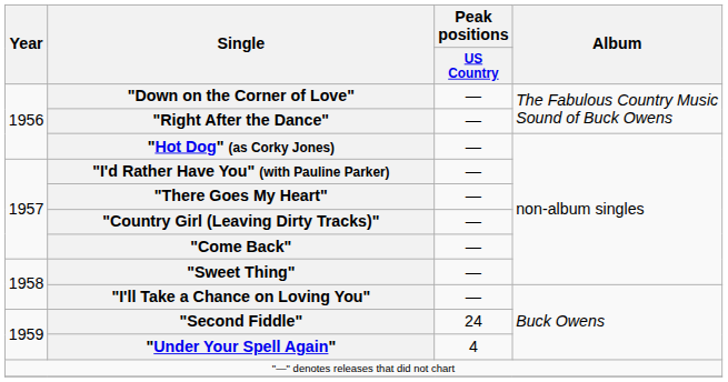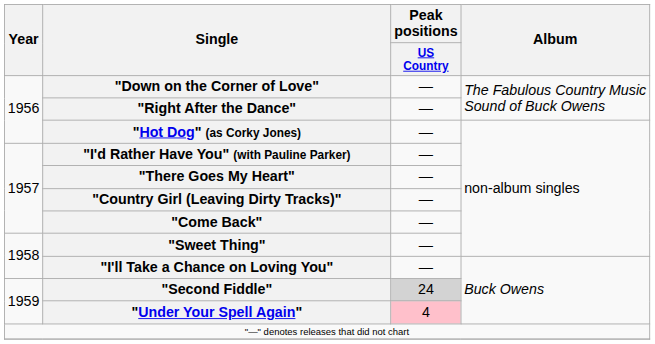 <table class="wikitable plainrowheaders" style="text-align:center;">
 <tr>
 <th rowspan="2">Year</th>
 <th rowspan="2" style="width:24em;">Single</th>
 <th>Peak positions</th>
 <th rowspan="2">Album</th>
 </tr>
 <tr style="font-size:smaller;">
 <th width="65"><a href='#'>US Country</a></th>
 </tr>
 <tr>
 <td rowspan="3">1956</td>
 <th scope="row">"Down on the Corner of Love"</th>
 <td>—</td>
 <td align="left" rowspan="2"><em>The Fabulous Country Music<br>Sound of Buck Owens</em></td>
 </tr>
 <tr>
 <th scope="row">"Right After the Dance"</th>
 <td>—</td>
 </tr>
 <tr>
 <th scope="row">"<a href='#'>Hot Dog</a>" <small>(as Corky Jones)</small></th>
 <td>—</td>
 <td align="left" rowspan="6">non-album singles</td>
 </tr>
 <tr>
 <td rowspan="4">1957</td>
 <th scope="row">"I'd Rather Have You" <small>(with Pauline Parker)</small></th>
 <td>—</td>
 </tr>
 <tr>
 <th scope="row">"There Goes My Heart"</th>
 <td>—</td>
 </tr>
 <tr>
 <th scope="row">"Country Girl (Leaving Dirty Tracks)"</th>
 <td>—</td>
 </tr>
 <tr>
 <th scope="row">"Come Back"</th>
 <td>—</td>
 </tr>
 <tr>
 <td rowspan="2">1958</td>
 <th scope="row">"Sweet Thing"</th>
 <td>—</td>
 </tr>
 <tr>
 <th scope="row">"I'll Take a Chance on Loving You"</th>
 <td>—</td>
 <td align="left" rowspan="3"><em>Buck Owens</em></td>
 </tr>
 <tr>
 <td rowspan="2">1959</td>
 <th scope="row">"Second Fiddle"</th>
-<td>24</td>
+<td style="background: lightgrey;">24</td>
 </tr>
 <tr>
 <th scope="row">"<a href='#'>Under Your Spell Again</a>"</th>
-<td>4</td>
+<td style="background: pink;">4</td>
 </tr>
 <tr>
 <td colspan="4" style="font-size: 8pt">"—" denotes releases that did not chart</td>
 </tr>
 <tr>
 </tr>
 </table>
